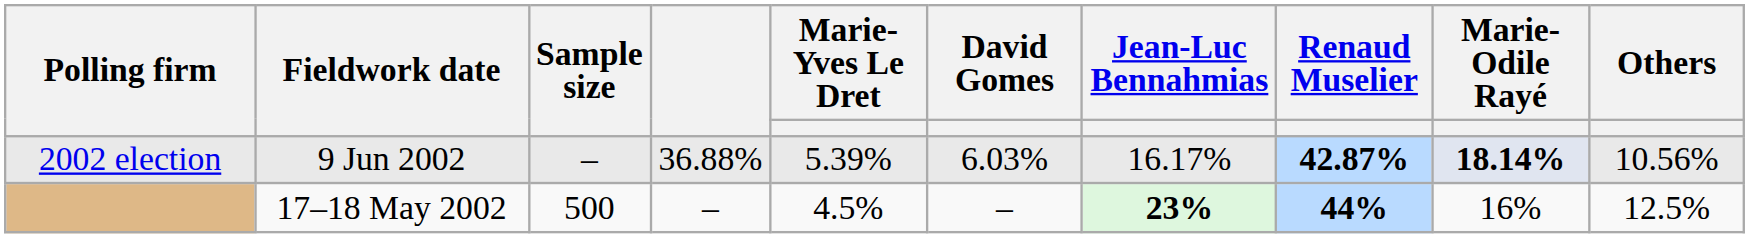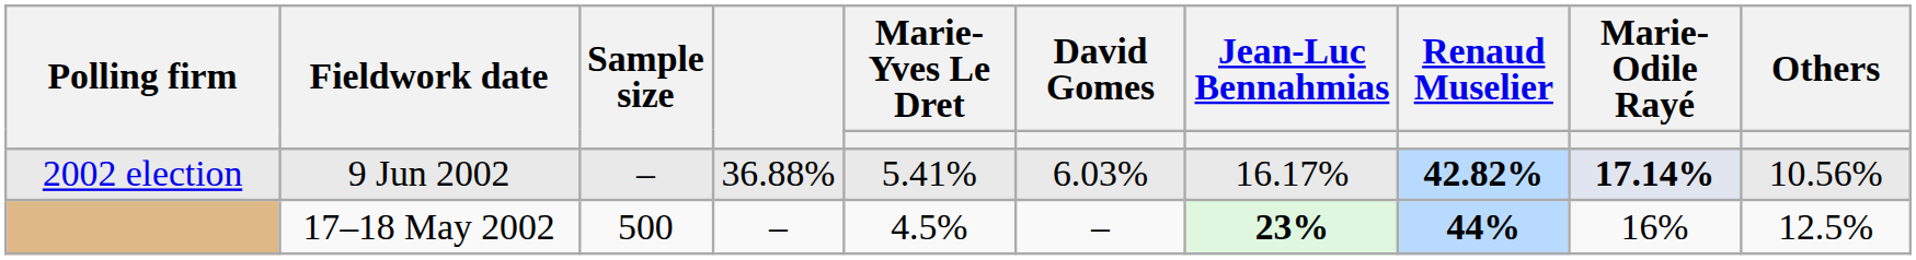 <table class="wikitable sortable" style="text-align:center;font-size:90%;line-height:14px;">
 <tr style="height:40px;">
 <th style="width:100px;" rowspan="2">Polling firm</th>
 <th style="width:110px;" rowspan="2">Fieldwork date</th>
 <th style="width:35px;" rowspan="2">Sample<br>size</th>
 <th style="width:30px;" rowspan="2"></th>
 <th class="unsortable" style="width:60px;">Marie-Yves Le Dret<br></th>
 <th class="unsortable" style="width:60px;">David Gomes<br></th>
 <th class="unsortable" style="width:60px;"><a href='#'>Jean-Luc Bennahmias</a><br></th>
 <th class="unsortable" style="width:60px;"><a href='#'>Renaud Muselier</a><br></th>
 <th class="unsortable" style="width:60px;">Marie-Odile Rayé<br></th>
 <th class="unsortable" style="width:60px;">Others</th>
 </tr>
 <tr>
 <th style="background:"></th>
 <th style="background:"></th>
 <th style="background:"></th>
 <th style="background:"></th>
 <th style="background:"></th>
 <th style="background:"></th>
 </tr>
 <tr style="background:#E9E9E9;">
 <td><a href='#'>2002 election</a></td>
 <td data-sort-value="2002-06-09">9 Jun 2002</td>
 <td>–</td>
 <td>36.88%</td>
-<td>5.39%</td>
+<td>5.41%</td>
 <td>6.03%</td>
 <td>16.17%</td>
-<td style="background:#B9DAFF;"><strong>42.87%</strong></td>
-<td style="background:#E0E5F0;"><strong>18.14%</strong></td>
+<td style="background:#B9DAFF;"><strong>42.82%</strong></td>
+<td style="background:#E0E5F0;"><strong>17.14%</strong></td>
 <td>10.56%</td>
 </tr>
 <tr>
 <td style="background:burlywood;"></td>
 <td data-sort-value="2002-05-18">17–18 May 2002</td>
 <td>500</td>
 <td>–</td>
 <td>4.5%</td>
 <td>–</td>
 <td style="background:#DEF7DE;"><strong>23%</strong></td>
 <td style="background:#B9DAFF;"><strong>44%</strong></td>
 <td>16%</td>
 <td>12.5%</td>
 </tr>
 </table>
